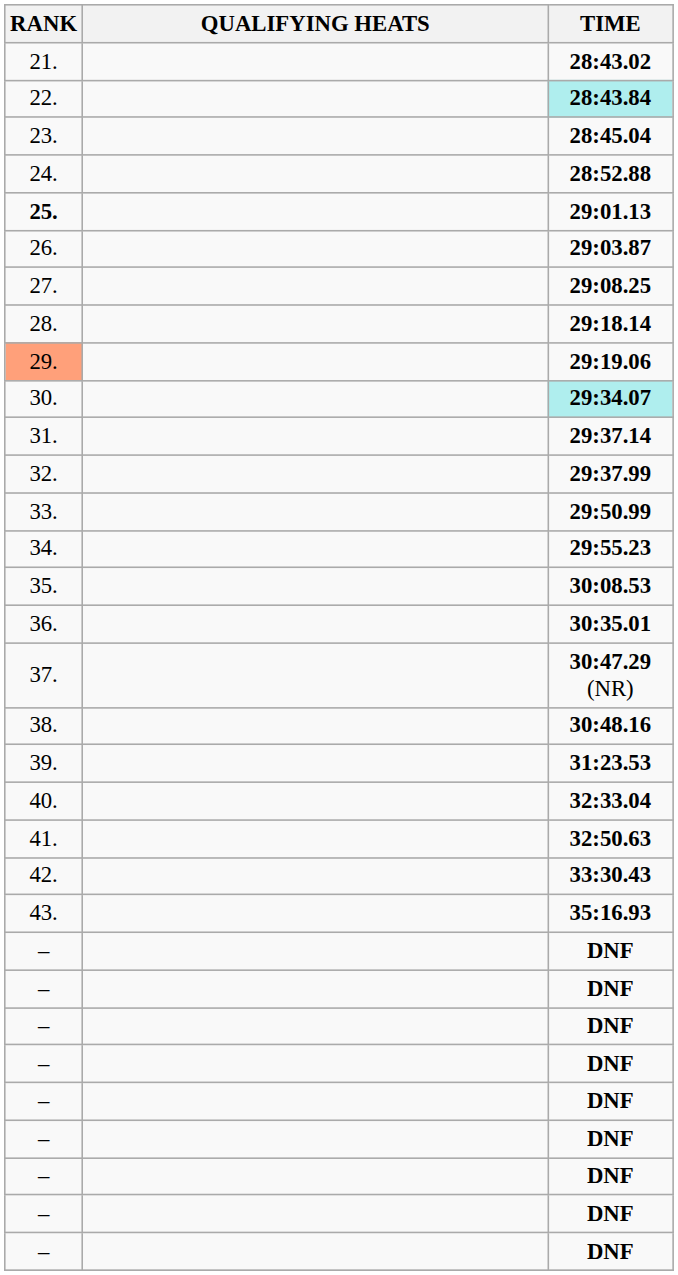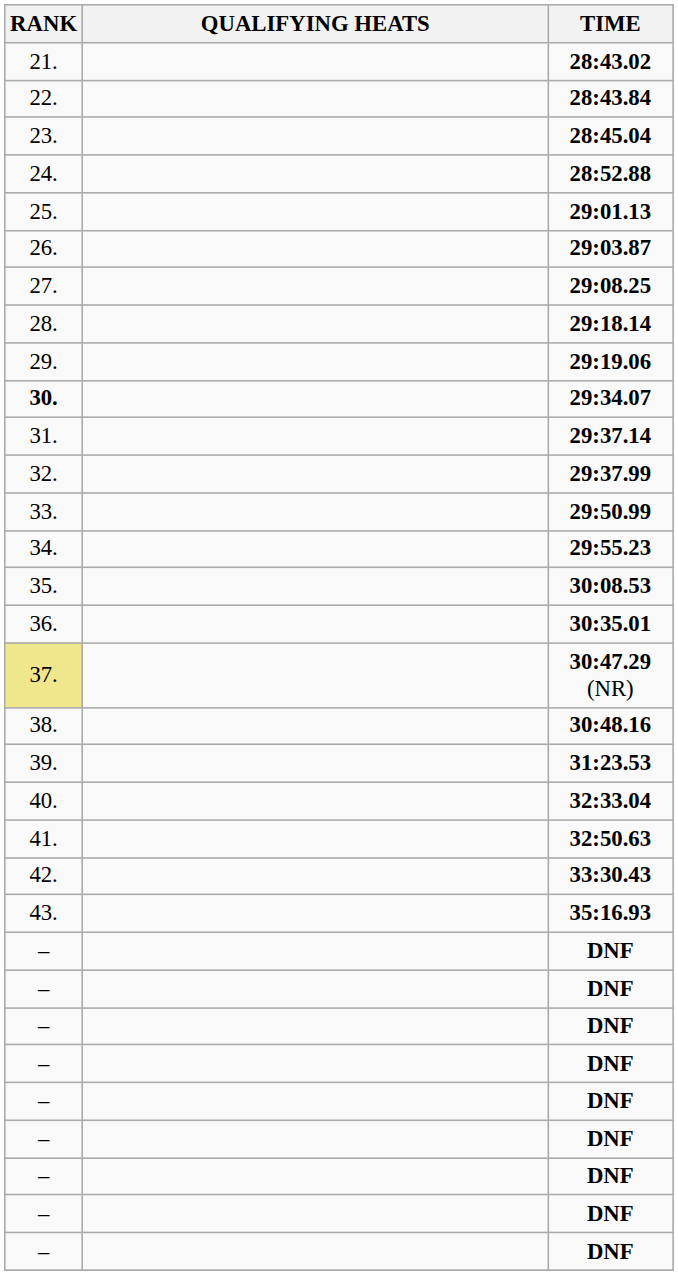 <table class="wikitable" style="border-collapse: collapse; font-size: 90%;">
 <tr>
 <th>RANK</th>
 <th style="width: 20em">QUALIFYING HEATS</th>
 <th style="width: 5em">TIME</th>
 </tr>
 <tr>
 <td align="center">21.</td>
 <td></td>
 <td align="center"><strong>28:43.02</strong></td>
 </tr>
 <tr>
 <td align="center">22.</td>
 <td></td>
-<td align="center" style="background: paleturquoise;"><strong>28:43.84</strong></td>
+<td align="center"><strong>28:43.84</strong></td>
 </tr>
 <tr>
 <td align="center">23.</td>
 <td></td>
 <td align="center"><strong>28:45.04</strong></td>
 </tr>
 <tr>
 <td align="center">24.</td>
 <td></td>
 <td align="center"><strong>28:52.88</strong></td>
 </tr>
 <tr>
-<td align="center"><strong>25.</strong></td>
+<td align="center">25.</td>
 <td></td>
 <td align="center"><strong>29:01.13</strong></td>
 </tr>
 <tr>
 <td align="center">26.</td>
 <td></td>
 <td align="center"><strong>29:03.87</strong></td>
 </tr>
 <tr>
 <td align="center">27.</td>
 <td></td>
 <td align="center"><strong>29:08.25</strong></td>
 </tr>
 <tr>
 <td align="center">28.</td>
 <td></td>
 <td align="center"><strong>29:18.14</strong></td>
 </tr>
 <tr>
-<td align="center" style="background: lightsalmon;">29.</td>
+<td align="center">29.</td>
 <td></td>
 <td align="center"><strong>29:19.06</strong></td>
 </tr>
 <tr>
-<td align="center">30.</td>
+<td align="center"><strong>30.</strong></td>
 <td></td>
-<td align="center" style="background: paleturquoise;"><strong>29:34.07</strong></td>
+<td align="center"><strong>29:34.07</strong></td>
 </tr>
 <tr>
 <td align="center">31.</td>
 <td></td>
 <td align="center"><strong>29:37.14</strong></td>
 </tr>
 <tr>
 <td align="center">32.</td>
 <td></td>
 <td align="center"><strong>29:37.99</strong></td>
 </tr>
 <tr>
 <td align="center">33.</td>
 <td></td>
 <td align="center"><strong>29:50.99</strong></td>
 </tr>
 <tr>
 <td align="center">34.</td>
 <td></td>
 <td align="center"><strong>29:55.23</strong></td>
 </tr>
 <tr>
 <td align="center">35.</td>
 <td></td>
 <td align="center"><strong>30:08.53</strong></td>
 </tr>
 <tr>
 <td align="center">36.</td>
 <td></td>
 <td align="center"><strong>30:35.01</strong></td>
 </tr>
 <tr>
-<td align="center">37.</td>
+<td align="center" style="background: khaki;">37.</td>
 <td></td>
 <td align="center"><strong>30:47.29</strong> (NR)</td>
 </tr>
 <tr>
 <td align="center">38.</td>
 <td></td>
 <td align="center"><strong>30:48.16</strong></td>
 </tr>
 <tr>
 <td align="center">39.</td>
 <td></td>
 <td align="center"><strong>31:23.53</strong></td>
 </tr>
 <tr>
 <td align="center">40.</td>
 <td></td>
 <td align="center"><strong>32:33.04</strong></td>
 </tr>
 <tr>
 <td align="center">41.</td>
 <td></td>
 <td align="center"><strong>32:50.63</strong></td>
 </tr>
 <tr>
 <td align="center">42.</td>
 <td></td>
 <td align="center"><strong>33:30.43</strong></td>
 </tr>
 <tr>
 <td align="center">43.</td>
 <td></td>
 <td align="center"><strong>35:16.93</strong></td>
 </tr>
 <tr>
 <td align="center">–</td>
 <td></td>
 <td align="center"><strong>DNF</strong></td>
 </tr>
 <tr>
 <td align="center">–</td>
 <td></td>
 <td align="center"><strong>DNF</strong></td>
 </tr>
 <tr>
 <td align="center">–</td>
 <td></td>
 <td align="center"><strong>DNF</strong></td>
 </tr>
 <tr>
 <td align="center">–</td>
 <td></td>
 <td align="center"><strong>DNF</strong></td>
 </tr>
 <tr>
 <td align="center">–</td>
 <td></td>
 <td align="center"><strong>DNF</strong></td>
 </tr>
 <tr>
 <td align="center">–</td>
 <td></td>
 <td align="center"><strong>DNF</strong></td>
 </tr>
 <tr>
 <td align="center">–</td>
 <td></td>
 <td align="center"><strong>DNF</strong></td>
 </tr>
 <tr>
 <td align="center">–</td>
 <td></td>
 <td align="center"><strong>DNF</strong></td>
 </tr>
 <tr>
 <td align="center">–</td>
 <td></td>
 <td align="center"><strong>DNF</strong></td>
 </tr>
 <tr>
 </tr>
 </table>
